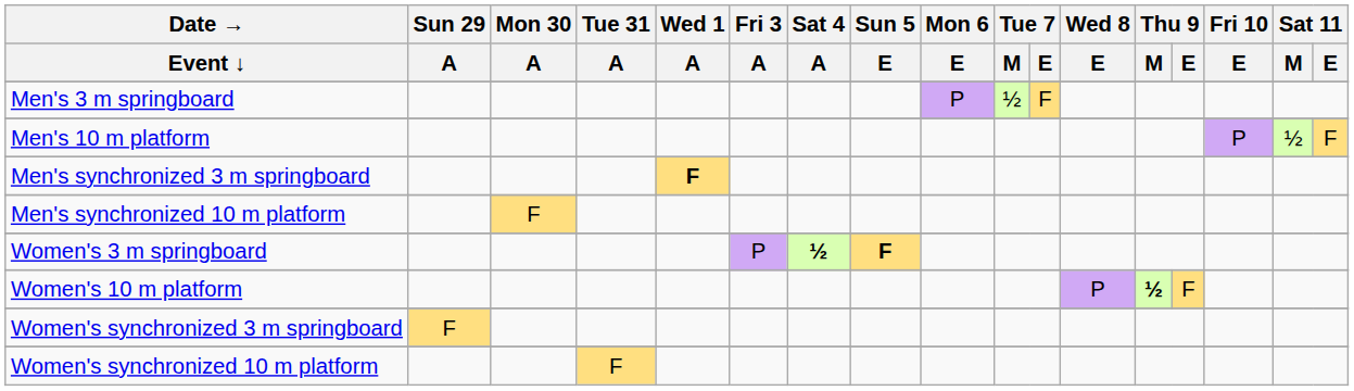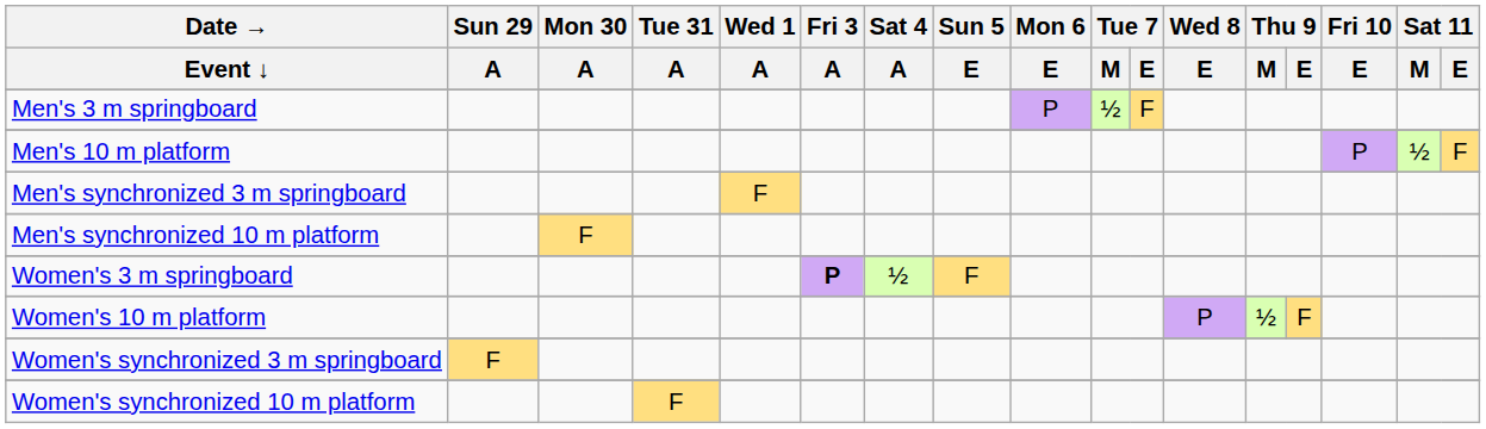 <table class="wikitable" style="margin:0.5em auto; font-size:90%; line-height:1.25em;">
 <tr style="text-align:center;">
 <th>Date →</th>
 <th>Sun 29</th>
 <th>Mon 30</th>
 <th>Tue 31</th>
 <th>Wed 1</th>
 <th>Fri 3</th>
 <th>Sat 4</th>
 <th>Sun 5</th>
 <th>Mon 6</th>
 <th colspan="2">Tue 7</th>
 <th>Wed 8</th>
 <th colspan="2">Thu 9</th>
 <th>Fri 10</th>
 <th colspan="2">Sat 11</th>
 </tr>
 <tr>
 <th>Event   ↓</th>
 <th>A</th>
 <th>A</th>
 <th>A</th>
 <th>A</th>
 <th>A</th>
 <th>A</th>
 <th>E</th>
 <th>E</th>
 <th>M</th>
 <th>E</th>
 <th>E</th>
 <th>M</th>
 <th>E</th>
 <th>E</th>
 <th>M</th>
 <th>E</th>
 </tr>
 <tr>
 </tr>
 <tr style="text-align:center;">
 <td style="text-align:left;"><a href='#'>Men's 3 m springboard</a></td>
 <td></td>
 <td></td>
 <td></td>
 <td></td>
 <td></td>
 <td></td>
 <td></td>
 <td style="background-color:#D0A9F5;">P</td>
 <td style="background-color:#D9FFB2;">½</td>
 <td style="background-color:#FFDF80;">F</td>
 <td></td>
 <td colspan="2"></td>
 <td></td>
 <td colspan="2"></td>
 </tr>
 <tr>
 </tr>
 <tr style="text-align:center;">
 <td style="text-align:left;"><a href='#'>Men's 10 m platform</a></td>
 <td></td>
 <td></td>
 <td></td>
 <td></td>
 <td></td>
 <td></td>
 <td></td>
 <td></td>
 <td colspan="2"></td>
 <td></td>
 <td colspan="2"></td>
 <td style="background-color:#D0A9F5;">P</td>
 <td style="background-color:#D9FFB2;">½</td>
 <td style="background-color:#FFDF80;">F</td>
 </tr>
 <tr>
 </tr>
 <tr style="text-align:center;">
 <td style="text-align:left;"><a href='#'>Men's synchronized 3 m springboard</a></td>
 <td></td>
 <td></td>
 <td></td>
-<td style="background-color:#FFDF80;"><strong>F</strong></td>
+<td style="background-color:#FFDF80;">F</td>
 <td></td>
 <td></td>
 <td></td>
 <td></td>
 <td colspan="2"></td>
 <td></td>
 <td colspan="2"></td>
 <td></td>
 <td colspan="2"></td>
 </tr>
 <tr>
 </tr>
 <tr style="text-align:center;">
 <td style="text-align:left;"><a href='#'>Men's synchronized 10 m platform</a></td>
 <td></td>
 <td style="background-color:#FFDF80;">F</td>
 <td></td>
 <td></td>
 <td></td>
 <td></td>
 <td></td>
 <td></td>
 <td colspan="2"></td>
 <td></td>
 <td colspan="2"></td>
 <td></td>
 <td colspan="2"></td>
 </tr>
 <tr>
 </tr>
 <tr style="text-align:center;">
 <td style="text-align:left;"><a href='#'>Women's 3 m springboard</a></td>
 <td></td>
 <td></td>
 <td></td>
 <td></td>
-<td style="background-color:#D0A9F5;">P</td>
-<td style="background-color:#D9FFB2;"><strong>½</strong></td>
-<td style="background-color:#FFDF80;"><strong>F</strong></td>
+<td style="background-color:#D0A9F5;"><strong>P</strong></td>
+<td style="background-color:#D9FFB2;">½</td>
+<td style="background-color:#FFDF80;">F</td>
 <td></td>
 <td colspan="2"></td>
 <td></td>
 <td colspan="2"></td>
 <td></td>
 <td colspan="2"></td>
 </tr>
 <tr>
 </tr>
 <tr style="text-align:center;">
 <td style="text-align:left;"><a href='#'>Women's 10 m platform</a></td>
 <td></td>
 <td></td>
 <td></td>
 <td></td>
 <td></td>
 <td></td>
 <td></td>
 <td></td>
 <td colspan="2"></td>
 <td style="background-color:#D0A9F5;">P</td>
-<td style="background-color:#D9FFB2;"><strong>½</strong></td>
+<td style="background-color:#D9FFB2;">½</td>
 <td style="background-color:#FFDF80;">F</td>
 <td></td>
 <td colspan="2"></td>
 </tr>
 <tr>
 </tr>
 <tr style="text-align:center;">
 <td style="text-align:left;"><a href='#'>Women's synchronized 3 m springboard</a></td>
 <td style="background-color:#FFDF80;">F</td>
 <td></td>
 <td></td>
 <td></td>
 <td></td>
 <td></td>
 <td></td>
 <td></td>
 <td colspan="2"></td>
 <td></td>
 <td colspan="2"></td>
 <td></td>
 <td colspan="2"></td>
 </tr>
 <tr>
 </tr>
 <tr style="text-align:center;">
 <td style="text-align:left;"><a href='#'>Women's synchronized 10 m platform</a></td>
 <td></td>
 <td></td>
 <td style="background-color:#FFDF80;">F</td>
 <td></td>
 <td></td>
 <td></td>
 <td></td>
 <td></td>
 <td colspan="2"></td>
 <td></td>
 <td colspan="2"></td>
 <td></td>
 <td colspan="2"></td>
 </tr>
 </table>
